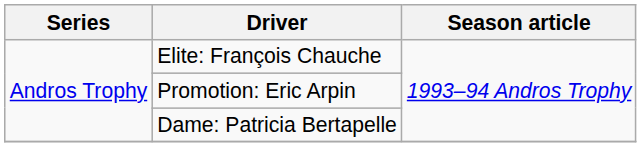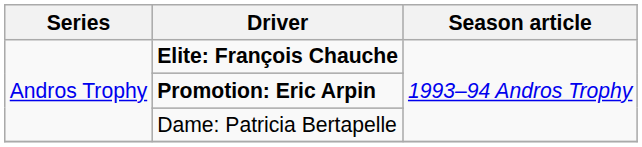 <table class="wikitable" style="font-size: 87%;">
 <tr>
 <th>Series</th>
 <th>Driver</th>
 <th>Season article</th>
 </tr>
 <tr>
 <td rowspan=3><a href='#'>Andros Trophy</a></td>
-<td>Elite:  François Chauche</td>
+<td><strong>Elite:  François Chauche</strong></td>
 <td rowspan=3><em><a href='#'>1993–94 Andros Trophy</a></em></td>
 </tr>
 <tr>
-<td>Promotion:  Eric Arpin</td>
+<td><strong>Promotion:  Eric Arpin</strong></td>
 </tr>
 <tr>
 <td>Dame:  Patricia Bertapelle</td>
 </tr>
 <tr>
 </tr>
 </table>
